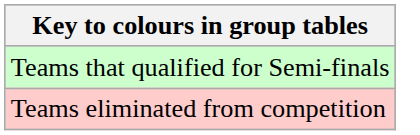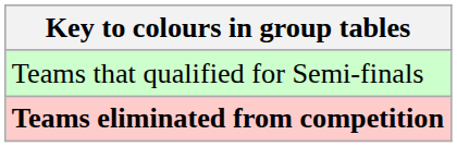 <table class="wikitable">
 <tr>
 <th>Key to colours in group tables</th>
 </tr>
 <tr bgcolor="#ccffcc">
 <td>Teams that qualified for Semi-finals</td>
 </tr>
 <tr bgcolor="#ffcccc">
-<td>Teams eliminated from competition</td>
+<td><strong>Teams eliminated from competition</strong></td>
 </tr>
 </table>
